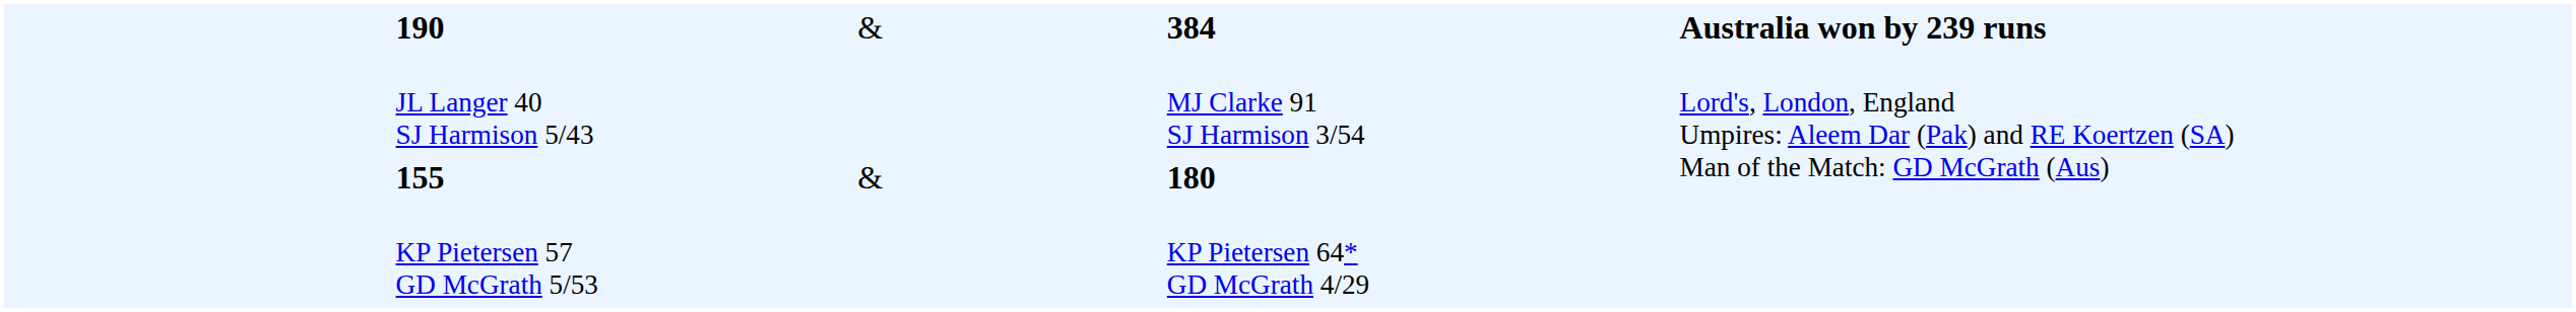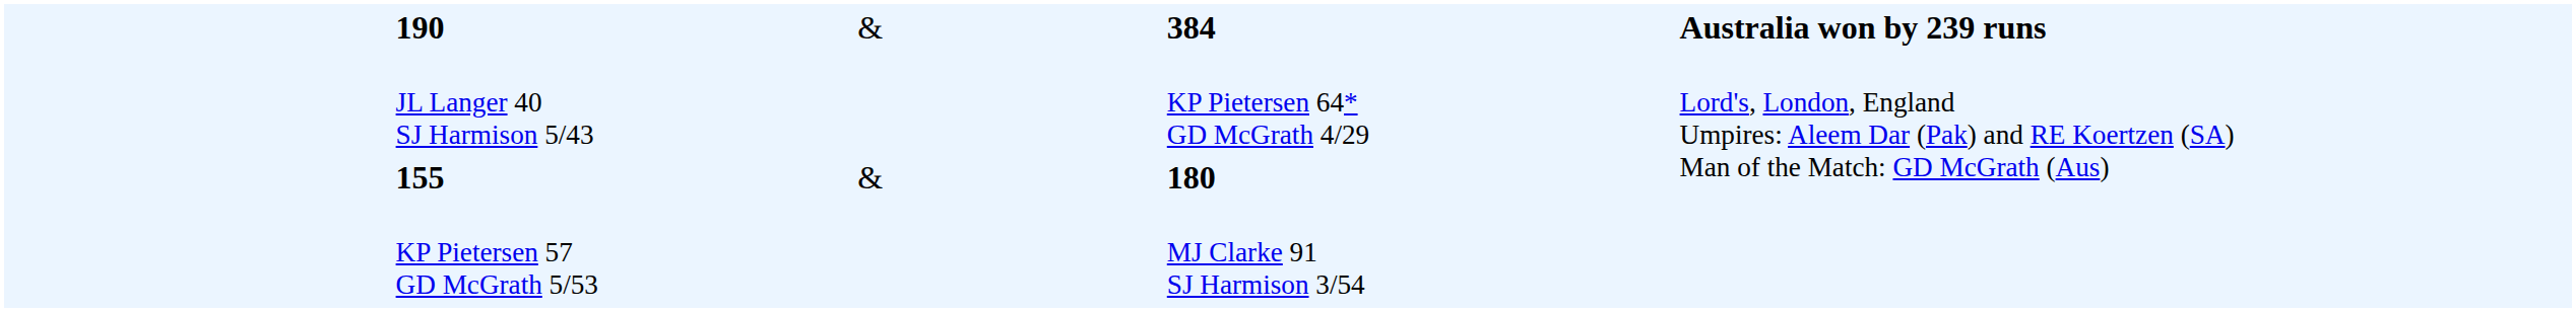 <table width="100%" style="background: #EBF5FF">
 <tr>
 <td width="15%" valign="top" rowspan="2"><strong></strong></td>
 <td width="18%"><strong>190</strong></td>
 <td width="12%">&</td>
 <td width="20%"><strong>384</strong></td>
 <td width="35%"><strong>Australia won by 239 runs</strong></td>
 </tr>
 <tr>
 <td style="font-size: 85%;" valign="top"><br><a href='#'>JL Langer</a> 40<br> <a href='#'>SJ Harmison</a> 5/43</td>
 <td></td>
-<td style="font-size: 85%;"><br><a href='#'>MJ Clarke</a> 91<br> <a href='#'>SJ Harmison</a> 3/54</td>
+<td valign="top" style="font-size: 85%;"><br><a href='#'>KP Pietersen</a> 64<a href='#'>*</a><br> <a href='#'>GD McGrath</a> 4/29</td>
 <td valign="top" style="font-size: 85%;" rowspan="3"><br><a href='#'>Lord's</a>, <a href='#'>London</a>, England<br> Umpires: <a href='#'>Aleem Dar</a> (<a href='#'>Pak</a>) and <a href='#'>RE Koertzen</a> (<a href='#'>SA</a>)<br> Man of the Match: <a href='#'>GD McGrath</a> (<a href='#'>Aus</a>)<br></td>
 </tr>
 <tr>
 <td valign="top" rowspan="2"><strong></strong></td>
 <td><strong>155</strong></td>
 <td>&</td>
 <td><strong>180</strong></td>
 </tr>
 <tr>
 <td style="font-size: 85%;"><br><a href='#'>KP Pietersen</a> 57<br> <a href='#'>GD McGrath</a> 5/53</td>
 <td></td>
-<td valign="top" style="font-size: 85%;"><br><a href='#'>KP Pietersen</a> 64<a href='#'>*</a><br> <a href='#'>GD McGrath</a> 4/29</td>
+<td style="font-size: 85%;"><br><a href='#'>MJ Clarke</a> 91<br> <a href='#'>SJ Harmison</a> 3/54</td>
 </tr>
 </table>
